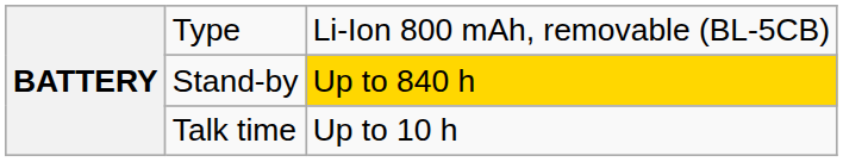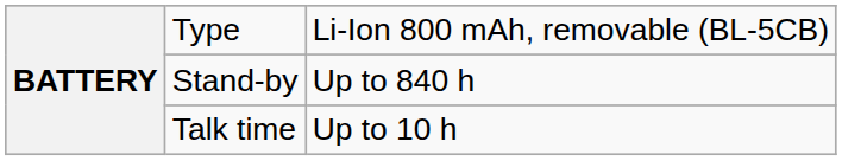 <table class="wikitable">
 <tr>
 <th rowspan="7">BATTERY</th>
 <td>Type</td>
 <td>Li-Ion 800 mAh, removable (BL-5CB)</td>
 </tr>
 <tr>
 <td>Stand-by</td>
-<td style="background: gold;">Up to 840 h</td>
+<td>Up to 840 h</td>
 </tr>
 <tr>
 <td>Talk time</td>
 <td>Up to 10 h</td>
 </tr>
 </table>
